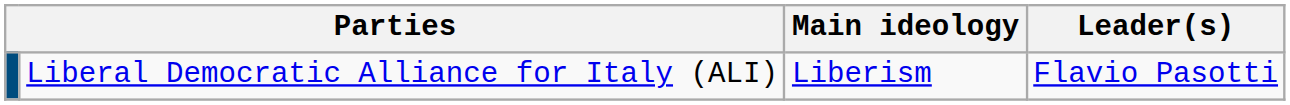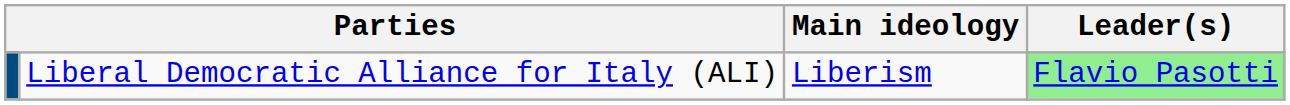 <table class="wikitable" style="font-size:95%">
 <tr>
 <th colspan=2>Parties</th>
 <th>Main ideology</th>
 <th>Leader(s)</th>
 </tr>
 <tr>
 <td bgcolor="#004C7E"></td>
 <td><a href='#'>Liberal Democratic Alliance for Italy</a> (ALI)</td>
 <td><a href='#'>Liberism</a></td>
-<td><a href='#'>Flavio Pasotti</a></td>
+<td style="background: lightgreen;"><a href='#'>Flavio Pasotti</a></td>
 </tr>
 </table>
